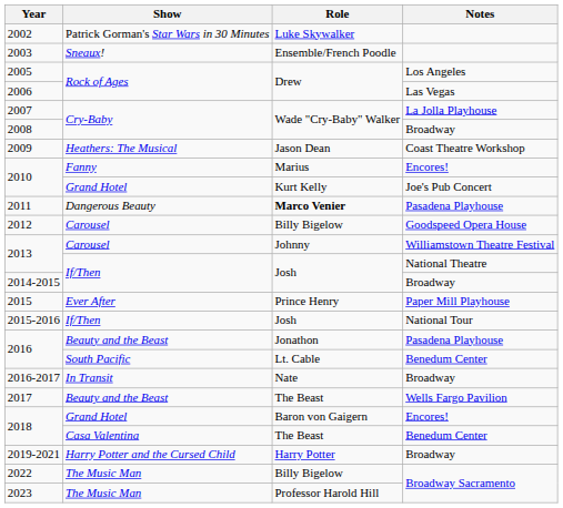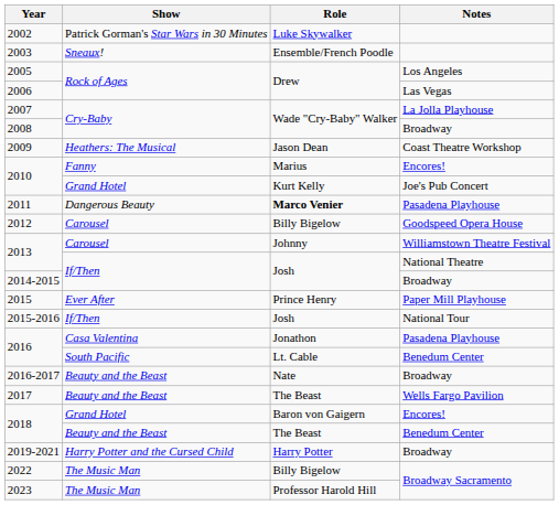 <table class="wikitable">
 <tr>
 <th>Year</th>
 <th>Show</th>
 <th>Role</th>
 <th>Notes</th>
 </tr>
 <tr>
 <td>2002</td>
 <td>Patrick Gorman's <em><a href='#'>Star Wars</a> in 30 Minutes</em></td>
 <td><a href='#'>Luke Skywalker</a></td>
 <td></td>
 </tr>
 <tr>
 <td>2003</td>
 <td><em><a href='#'>Sneaux</a>!</em></td>
 <td>Ensemble/French Poodle</td>
 <td></td>
 </tr>
 <tr>
 <td>2005</td>
 <td rowspan="3'"><em><a href='#'>Rock of Ages</a></em></td>
 <td rowspan="3">Drew</td>
 <td rowspan="2">Los Angeles</td>
 </tr>
 <tr>
 <td rowspan="2">2006</td>
 </tr>
 <tr>
 <td>Las Vegas</td>
 </tr>
 <tr>
 <td>2007</td>
 <td rowspan="2'"><em><a href='#'>Cry-Baby</a></em></td>
 <td rowspan="2">Wade "Cry-Baby" Walker</td>
 <td><a href='#'>La Jolla Playhouse</a></td>
 </tr>
 <tr>
 <td>2008</td>
 <td>Broadway</td>
 </tr>
 <tr>
 <td>2009</td>
 <td><em><a href='#'>Heathers: The Musical</a></em></td>
 <td>Jason Dean</td>
 <td>Coast Theatre Workshop</td>
 </tr>
 <tr>
 <td rowspan=2>2010</td>
 <td><em><a href='#'>Fanny</a></em></td>
 <td>Marius</td>
 <td><a href='#'>Encores!</a></td>
 </tr>
 <tr>
 <td><em><a href='#'>Grand Hotel</a></em></td>
 <td>Kurt Kelly</td>
 <td>Joe's Pub Concert</td>
 </tr>
 <tr>
 <td>2011</td>
 <td><em>Dangerous Beauty</em></td>
 <td><strong>Marco Venier</strong></td>
 <td><a href='#'>Pasadena Playhouse</a></td>
 </tr>
 <tr>
 <td>2012</td>
 <td><em><a href='#'>Carousel</a></em></td>
 <td>Billy Bigelow</td>
 <td><a href='#'>Goodspeed Opera House</a></td>
 </tr>
 <tr>
 <td rowspan="2">2013</td>
 <td><em><a href='#'>Carousel</a></em></td>
 <td>Johnny</td>
 <td><a href='#'>Williamstown Theatre Festival</a></td>
 </tr>
 <tr>
 <td rowspan="2"><em><a href='#'>If/Then</a></em></td>
 <td rowspan="2">Josh</td>
 <td>National Theatre</td>
 </tr>
 <tr>
 <td>2014-2015</td>
 <td>Broadway</td>
 </tr>
 <tr>
 <td>2015</td>
 <td><em><a href='#'>Ever After</a></em></td>
 <td>Prince Henry</td>
 <td><a href='#'>Paper Mill Playhouse</a></td>
 </tr>
 <tr>
 <td>2015-2016</td>
 <td><em><a href='#'>If/Then</a></em></td>
 <td>Josh</td>
 <td>National Tour</td>
 </tr>
 <tr>
 <td rowspan=2>2016</td>
-<td><a href='#'><em>Beauty and the Beast</em></a></td>
+<td><em><a href='#'>Casa Valentina</a></em></td>
 <td>Jonathon</td>
 <td><a href='#'>Pasadena Playhouse</a></td>
 </tr>
 <tr>
 <td><a href='#'><em>South Pacific</em></a></td>
 <td>Lt. Cable</td>
 <td><a href='#'>Benedum Center</a></td>
 </tr>
 <tr>
 <td>2016-2017</td>
-<td><em><a href='#'>In Transit</a></em></td>
+<td><a href='#'><em>Beauty and the Beast</em></a></td>
 <td>Nate</td>
 <td>Broadway</td>
 </tr>
 <tr>
 <td>2017</td>
 <td><a href='#'><em>Beauty and the Beast</em></a></td>
 <td>The Beast</td>
 <td><a href='#'>Wells Fargo Pavilion</a></td>
 </tr>
 <tr>
 <td rowspan=2>2018</td>
 <td><em><a href='#'>Grand Hotel</a></em></td>
 <td>Baron von Gaigern</td>
 <td><a href='#'>Encores!</a></td>
 </tr>
 <tr>
-<td><em><a href='#'>Casa Valentina</a></em></td>
+<td><a href='#'><em>Beauty and the Beast</em></a></td>
 <td>The Beast</td>
 <td><a href='#'>Benedum Center</a></td>
 </tr>
 <tr>
 <td>2019-2021</td>
 <td><em><a href='#'>Harry Potter and the Cursed Child</a></em></td>
 <td><a href='#'>Harry Potter</a></td>
 <td>Broadway</td>
 </tr>
 <tr>
 <td>2022</td>
 <td><em><a href='#'>The Music Man</a></em></td>
 <td>Billy Bigelow</td>
 <td rowspan=2><a href='#'>Broadway Sacramento</a></td>
 </tr>
 <tr>
 <td>2023</td>
 <td><em><a href='#'>The Music Man</a></em></td>
 <td>Professor Harold Hill</td>
 </tr>
 </table>
